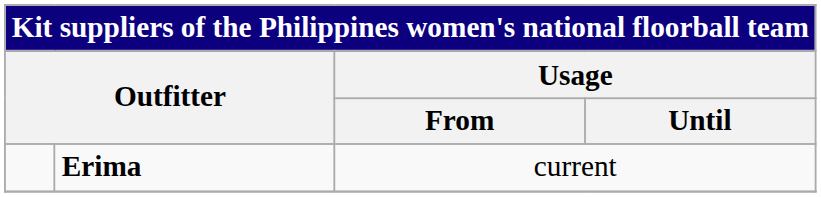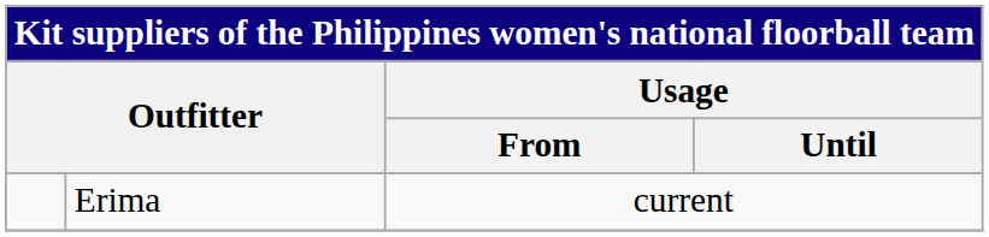 <table class="wikitable left mw-collapsible ">
 <tr>
 <th colspan=4 style="background: #0C007F; color: #FFFFFF;">Kit suppliers of the Philippines women's national floorball team</th>
 </tr>
 <tr>
 <th rowspan=2 colspan=2>Outfitter</th>
 <th colspan=2>Usage</th>
 </tr>
 <tr>
 <th>From</th>
 <th>Until</th>
 </tr>
 <tr>
 <td width=20px></td>
-<td align=left><strong>Erima</strong></td>
+<td align=left>Erima</td>
 <td colspan=2 align=center>current</td>
 </tr>
 <tr>
 </tr>
 </table>
